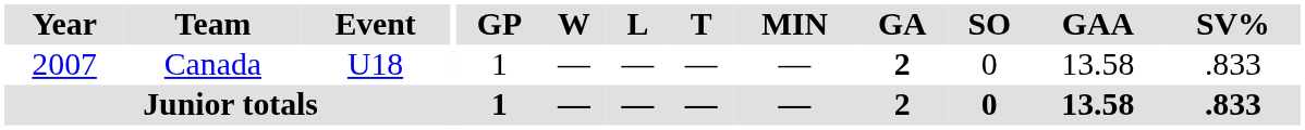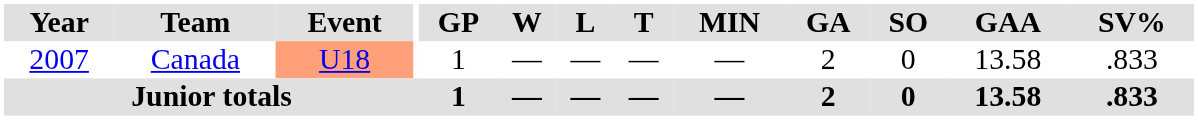 <table border="0" cellpadding="1" cellspacing="0" ID="Table3" style="text-align:center; width:40em">
 <tr bgcolor="#e0e0e0">
 <th>Year</th>
 <th>Team</th>
 <th>Event</th>
 <th rowspan="99" bgcolor="#ffffff"></th>
 <th>GP</th>
 <th>W</th>
 <th>L</th>
 <th>T</th>
 <th>MIN</th>
 <th>GA</th>
 <th>SO</th>
 <th>GAA</th>
 <th>SV%</th>
 </tr>
 <tr>
 <td><a href='#'>2007</a></td>
 <td><a href='#'>Canada</a></td>
-<td><a href='#'>U18</a></td>
+<td style="background: lightsalmon;"><a href='#'>U18</a></td>
 <td>1</td>
 <td>—</td>
 <td>—</td>
 <td>—</td>
 <td>—</td>
-<td><strong>2</strong></td>
+<td>2</td>
 <td>0</td>
 <td>13.58</td>
 <td>.833</td>
 </tr>
 <tr bgcolor="#e0e0e0">
 <th colspan="4">Junior totals</th>
 <th>1</th>
 <th>—</th>
 <th>—</th>
 <th>—</th>
 <th>—</th>
 <th>2</th>
 <th>0</th>
 <th>13.58</th>
 <th>.833</th>
 </tr>
 </table>
